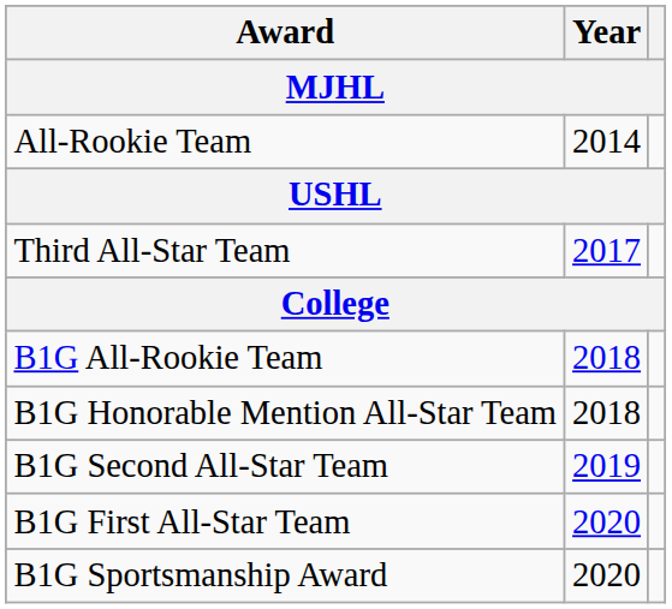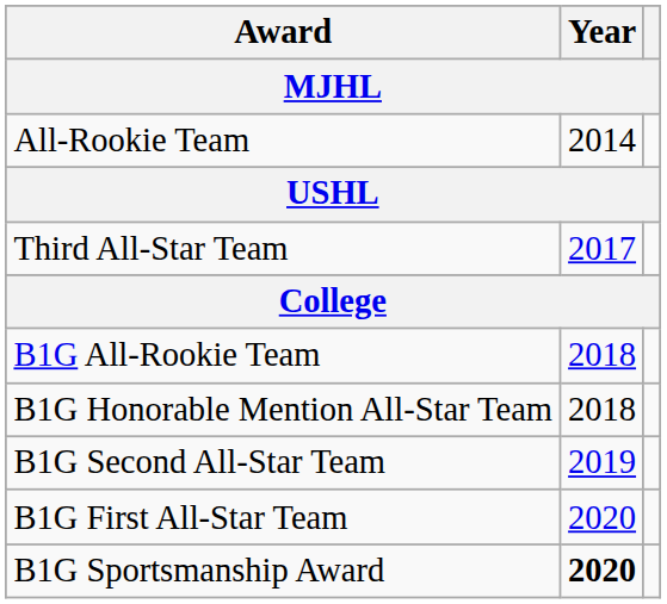 <table class="wikitable">
 <tr>
 <th>Award</th>
 <th>Year</th>
 <th></th>
 </tr>
 <tr>
 <th colspan="3"><a href='#'>MJHL</a></th>
 </tr>
 <tr>
 <td>All-Rookie Team</td>
 <td>2014</td>
 <td></td>
 </tr>
 <tr>
 <th colspan="3"><a href='#'>USHL</a></th>
 </tr>
 <tr>
 <td>Third All-Star Team</td>
 <td><a href='#'>2017</a></td>
 <td></td>
 </tr>
 <tr>
 <th colspan="3"><a href='#'>College</a></th>
 </tr>
 <tr>
 <td><a href='#'>B1G</a> All-Rookie Team</td>
 <td><a href='#'>2018</a></td>
 <td></td>
 </tr>
 <tr>
 <td>B1G Honorable Mention All-Star Team</td>
 <td>2018</td>
 <td></td>
 </tr>
 <tr>
 <td>B1G Second All-Star Team</td>
 <td><a href='#'>2019</a></td>
 <td></td>
 </tr>
 <tr>
 <td>B1G First All-Star Team</td>
 <td><a href='#'>2020</a></td>
 <td></td>
 </tr>
 <tr>
 <td>B1G Sportsmanship Award</td>
-<td>2020</td>
+<td><strong>2020</strong></td>
 <td></td>
 </tr>
 </table>
